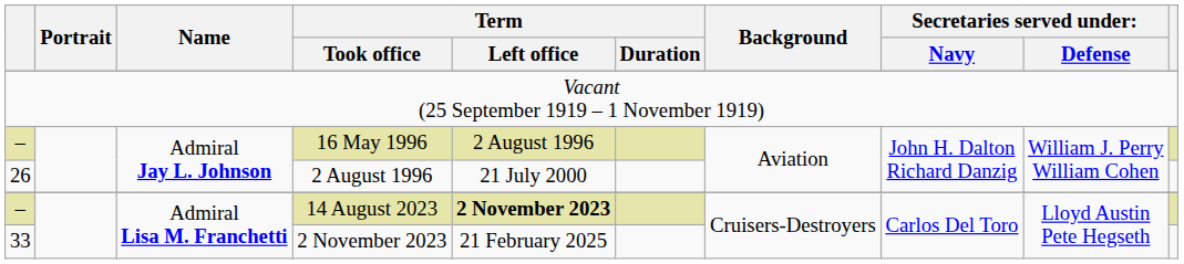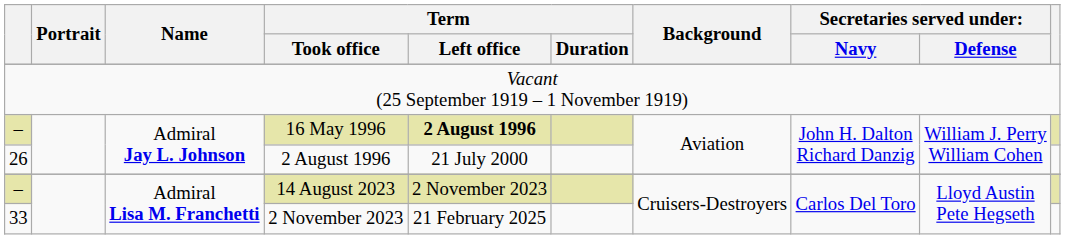 <table class="wikitable sortable" style="text-align:center;">
 <tr>
 <th scope="col" rowspan=2></th>
 <th scope="col" rowspan=2 class="unsortable">Portrait</th>
 <th scope="col" rowspan=2>Name</th>
 <th scope="col" colspan=3>Term</th>
 <th scope="col" rowspan=2>Background</th>
 <th scope="col" colspan=2>Secretaries served under:</th>
 <th scope="col" rowspan=2 class="unsortable"></th>
 </tr>
 <tr>
 <th scope="col">Took office</th>
 <th scope="col">Left office</th>
 <th scope="col">Duration</th>
 <th scope="col"><a href='#'>Navy</a></th>
 <th scope="col"><a href='#'>Defense</a></th>
 </tr>
 <tr>
 </tr>
 <tr>
 <td colspan=10 style="text-align:center"><em>Vacant</em><br>(25 September 1919 – 1 November 1919)<br>                        </td>
 </tr>
 <tr>
 <td style=background:#e6e6aa;>–</td>
 <td rowspan="2"></td>
 <td data-sort-value="Johnson, Jay" rowspan="2">Admiral<br><strong><a href='#'>Jay L. Johnson</a> </strong><br></td>
 <td style=background:#e6e6aa;>16 May 1996</td>
-<td style=background:#e6e6aa;>2 August 1996</td>
+<td style=background:#e6e6aa;><strong>2 August 1996</strong></td>
 <td style=background:#e6e6aa;></td>
 <td rowspan="2">Aviation</td>
 <td rowspan="2"><a href='#'>John H. Dalton</a><br><a href='#'>Richard Danzig</a></td>
 <td rowspan="2"><a href='#'>William J. Perry</a><br><a href='#'>William Cohen</a></td>
 <td style=background:#e6e6aa;></td>
 </tr>
 <tr>
 <td>26</td>
 <td>2 August 1996</td>
 <td>21 July 2000</td>
 <td></td>
 <td></td>
 </tr>
 <tr>
 </tr>
 <tr>
 <td style=background:#e6e6aa;>–</td>
 <td rowspan="2"></td>
 <td data-sort-value="Franchetti, Lisa" rowspan="2">Admiral<br><strong><a href='#'>Lisa M. Franchetti</a> </strong><br></td>
 <td style=background:#e6e6aa;>14 August 2023</td>
-<td style=background:#e6e6aa;><strong>2 November 2023</strong></td>
+<td style=background:#e6e6aa;>2 November 2023</td>
 <td style=background:#e6e6aa;></td>
 <td rowspan="2">Cruisers-Destroyers</td>
 <td rowspan="2"><a href='#'>Carlos Del Toro</a></td>
 <td rowspan="2"><a href='#'>Lloyd Austin</a><br><a href='#'>Pete Hegseth</a></td>
 <td style=background:#e6e6aa;></td>
 </tr>
 <tr>
 <td>33</td>
 <td>2 November 2023</td>
 <td>21 February 2025</td>
 <td></td>
 <td><br></td>
 </tr>
 </table>
